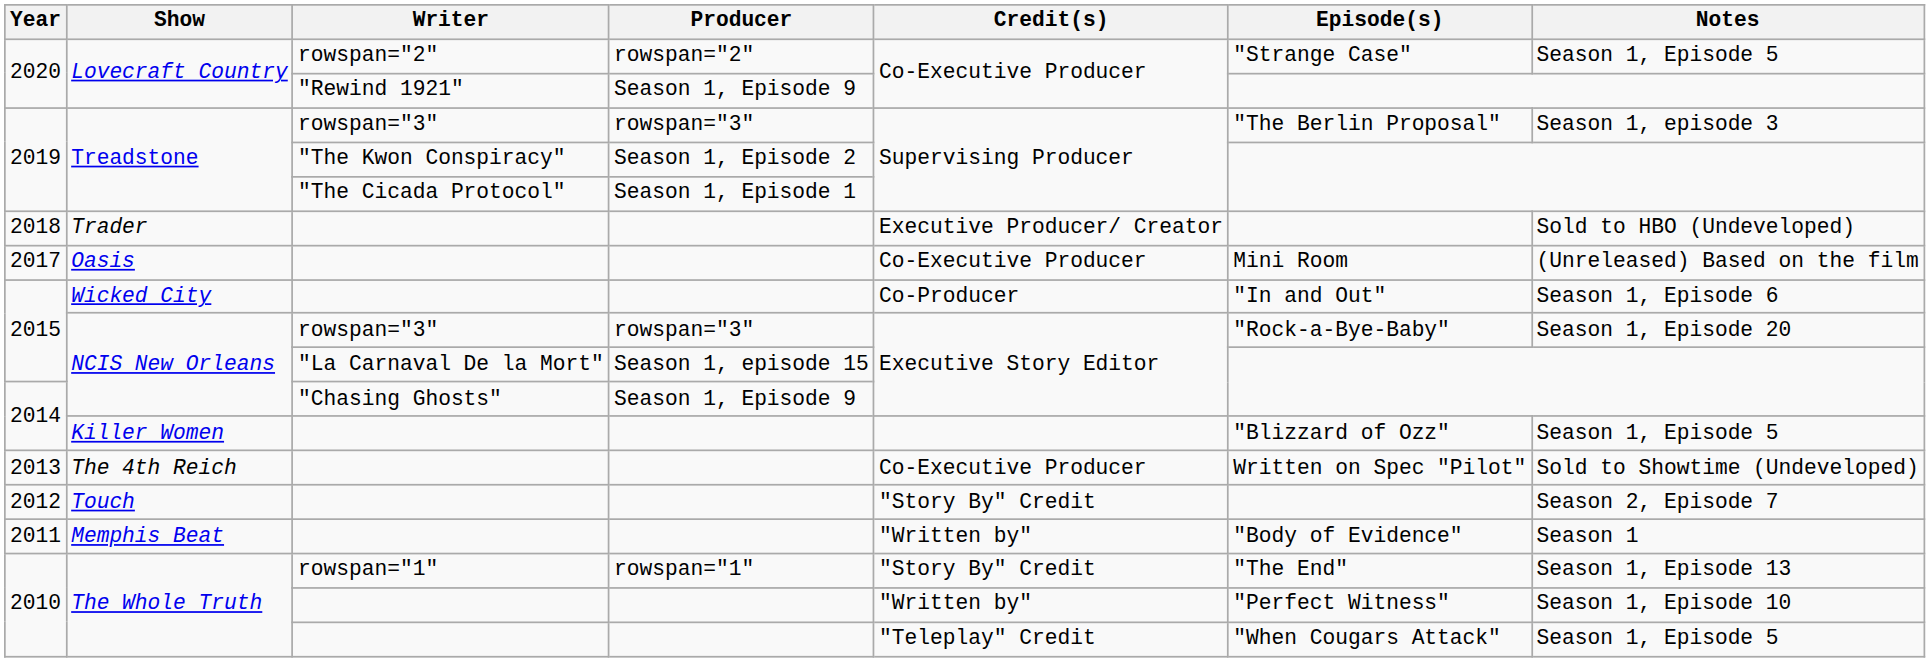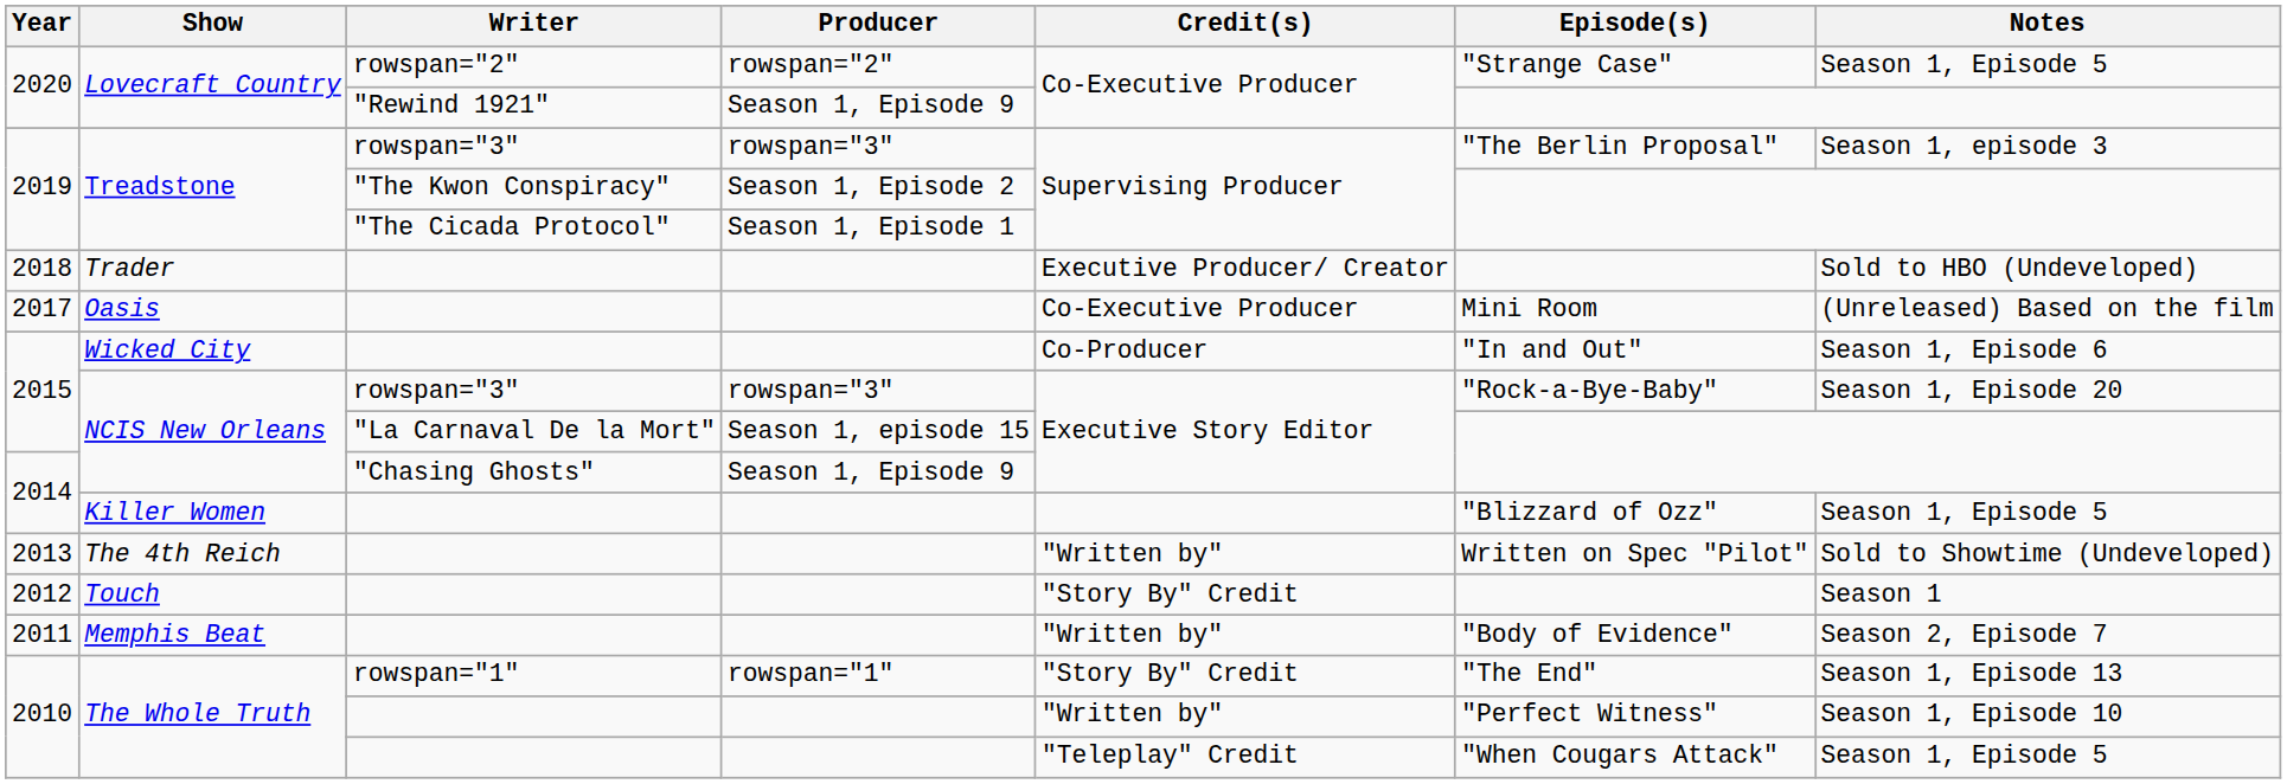 <table class="wikitable" style="font-size: 95%;">
 <tr>
 <th>Year</th>
 <th>Show</th>
 <th>Writer</th>
 <th>Producer</th>
 <th>Credit(s)</th>
 <th>Episode(s)</th>
 <th>Notes</th>
 </tr>
 <tr>
 <td rowspan="2">2020</td>
 <td rowspan="2"><em><a href='#'>Lovecraft Country</a></em></td>
 <td>rowspan="2" </td>
 <td>rowspan="2" </td>
 <td rowspan="2">Co-Executive Producer</td>
 <td>"Strange Case"</td>
 <td>Season 1, Episode 5</td>
 </tr>
 <tr>
 <td>"Rewind 1921"</td>
 <td>Season 1, Episode 9</td>
 </tr>
 <tr>
 <td rowspan="3">2019</td>
 <td rowspan="3"><a href='#'>Treadstone</a></td>
 <td>rowspan="3" </td>
 <td>rowspan="3" </td>
 <td rowspan="3">Supervising Producer</td>
 <td>"The Berlin Proposal"</td>
 <td>Season 1, episode 3</td>
 </tr>
 <tr>
 <td>"The Kwon Conspiracy"</td>
 <td>Season 1, Episode 2</td>
 </tr>
 <tr>
 <td>"The Cicada Protocol"</td>
 <td>Season 1, Episode 1</td>
 </tr>
 <tr>
 <td>2018</td>
 <td><em>Trader</em></td>
 <td></td>
 <td></td>
 <td>Executive Producer/ Creator</td>
 <td></td>
 <td>Sold to HBO (Undeveloped)</td>
 </tr>
 <tr>
 <td>2017</td>
 <td><a href='#'><em>Oasis</em></a></td>
 <td></td>
 <td></td>
 <td>Co-Executive Producer</td>
 <td>Mini Room</td>
 <td>(Unreleased) Based on the film</td>
 </tr>
 <tr>
 <td rowspan="3">2015</td>
 <td rowspan="1"><em><a href='#'>Wicked City</a></em></td>
 <td></td>
 <td></td>
 <td>Co-Producer</td>
 <td>"In and Out"</td>
 <td>Season 1, Episode 6</td>
 </tr>
 <tr>
 <td rowspan="3"><em><a href='#'>NCIS New Orleans</a></em></td>
 <td>rowspan="3" </td>
 <td>rowspan="3" </td>
 <td rowspan="3">Executive Story Editor</td>
 <td>"Rock-a-Bye-Baby"</td>
 <td>Season 1, Episode 20</td>
 </tr>
 <tr>
 <td>"La Carnaval De la Mort"</td>
 <td>Season 1, episode 15</td>
 </tr>
 <tr>
 <td rowspan="2">2014</td>
 <td>"Chasing Ghosts"</td>
 <td>Season 1, Episode 9</td>
 </tr>
 <tr>
 <td rowspan="1"><em><a href='#'>Killer Women</a></em></td>
 <td></td>
 <td></td>
 <td></td>
 <td>"Blizzard of Ozz"</td>
 <td>Season 1, Episode 5</td>
 </tr>
 <tr>
 <td>2013</td>
 <td><em>The 4th Reich</em></td>
 <td></td>
 <td></td>
-<td>Co-Executive Producer</td>
+<td>"Written by"</td>
 <td>Written on Spec "Pilot"</td>
 <td>Sold to Showtime (Undeveloped)</td>
 </tr>
 <tr>
 <td>2012</td>
 <td><em><a href='#'>Touch</a></em></td>
 <td></td>
 <td></td>
 <td>"Story By" Credit</td>
 <td></td>
-<td>Season 2, Episode 7</td>
+<td>Season 1</td>
 </tr>
 <tr>
 <td>2011</td>
 <td><em><a href='#'>Memphis Beat</a></em></td>
 <td></td>
 <td></td>
 <td>"Written by"</td>
 <td>"Body of Evidence"</td>
-<td>Season 1</td>
+<td>Season 2, Episode 7</td>
 </tr>
 <tr>
 <td rowspan="3">2010</td>
 <td rowspan="3"><em><a href='#'>The Whole Truth</a></em></td>
 <td>rowspan="1" </td>
 <td>rowspan="1" </td>
 <td>"Story By" Credit</td>
 <td>"The End"</td>
 <td>Season 1, Episode 13</td>
 </tr>
 <tr>
 <td></td>
 <td></td>
 <td>"Written by"</td>
 <td>"Perfect Witness"</td>
 <td>Season 1, Episode 10</td>
 </tr>
 <tr>
 <td></td>
 <td></td>
 <td>"Teleplay" Credit</td>
 <td>"When Cougars Attack"</td>
 <td>Season 1, Episode 5</td>
 </tr>
 </table>
